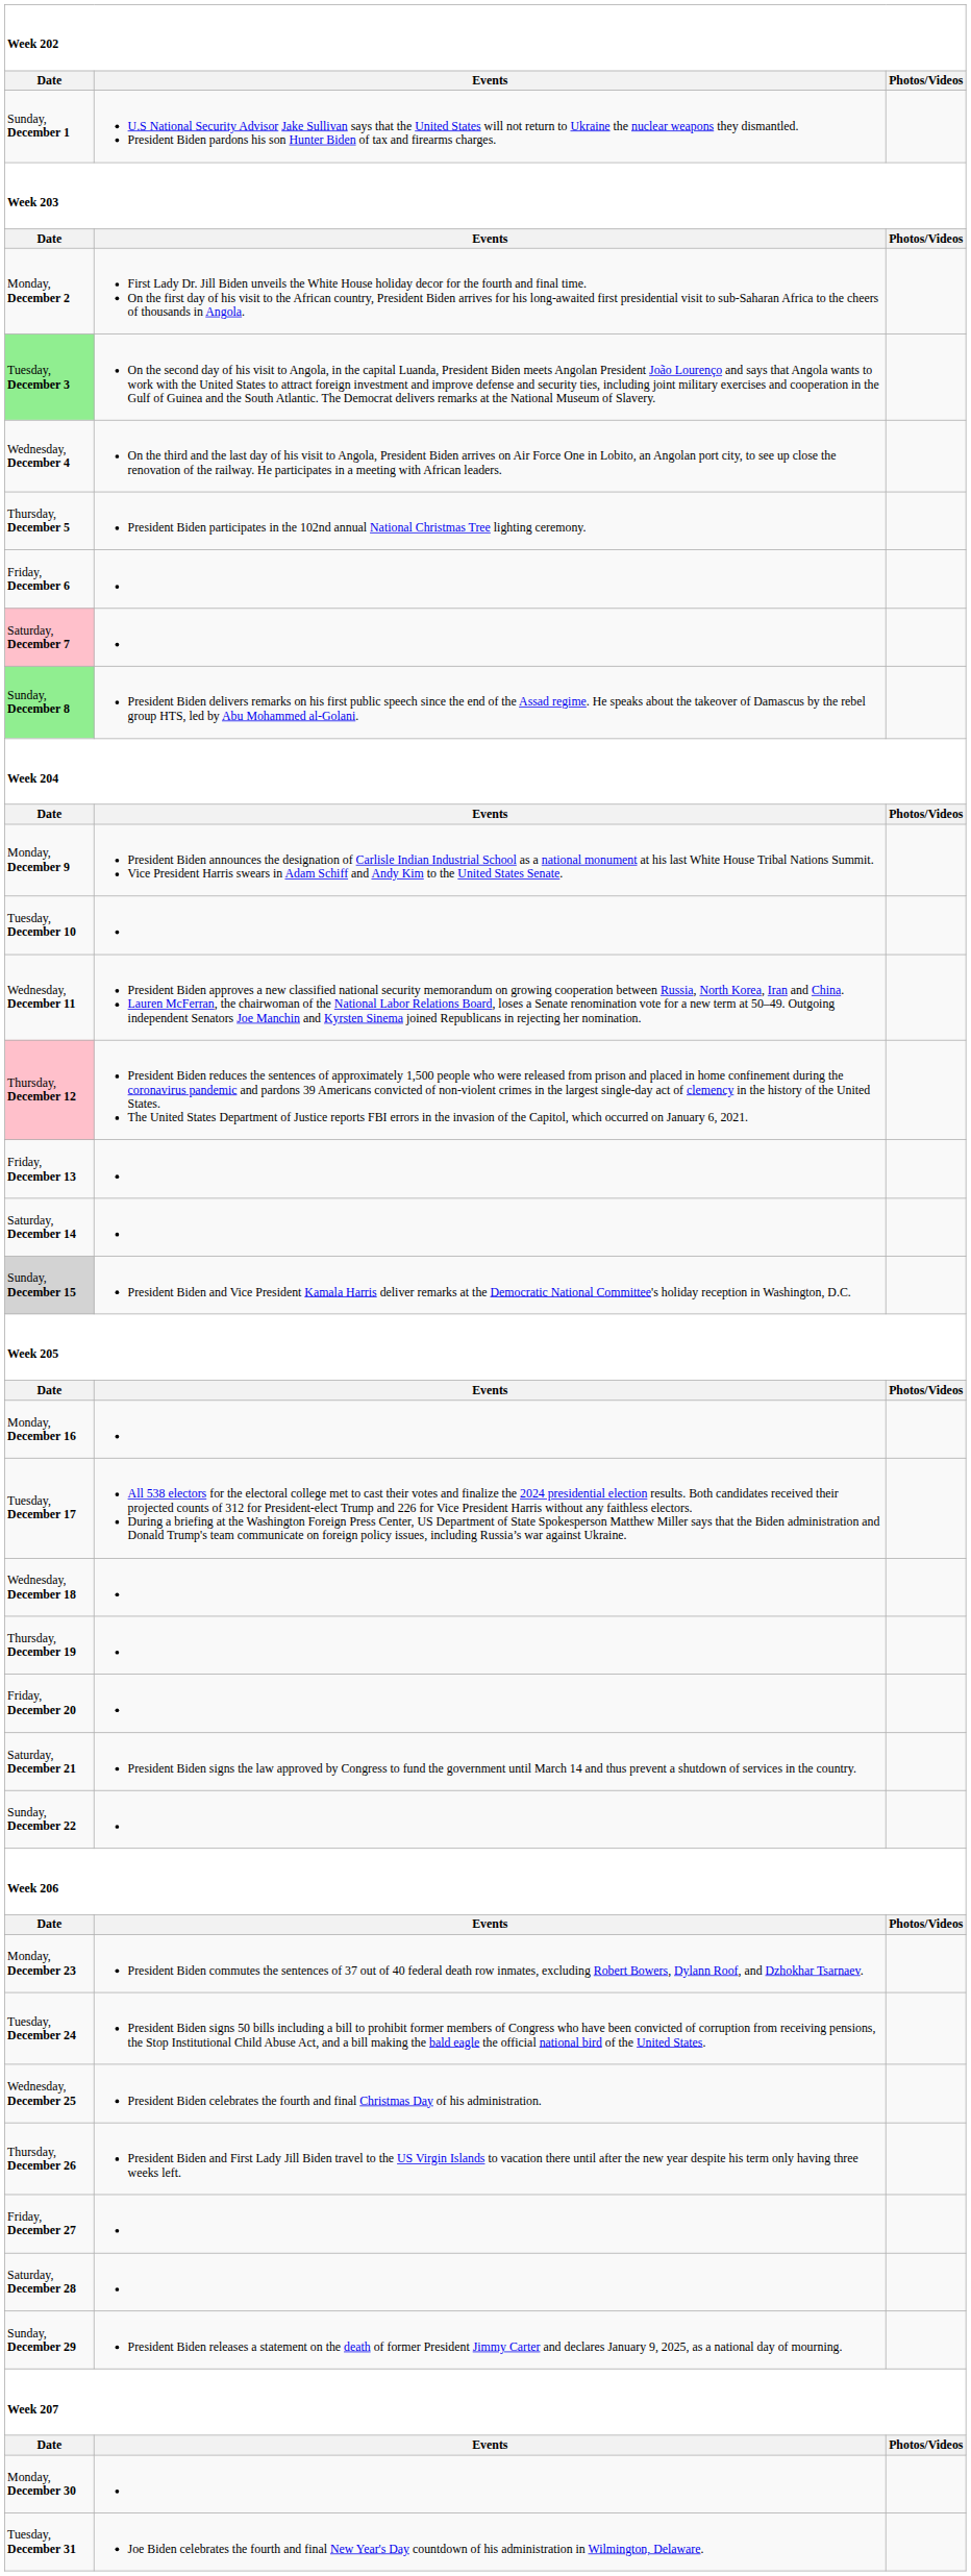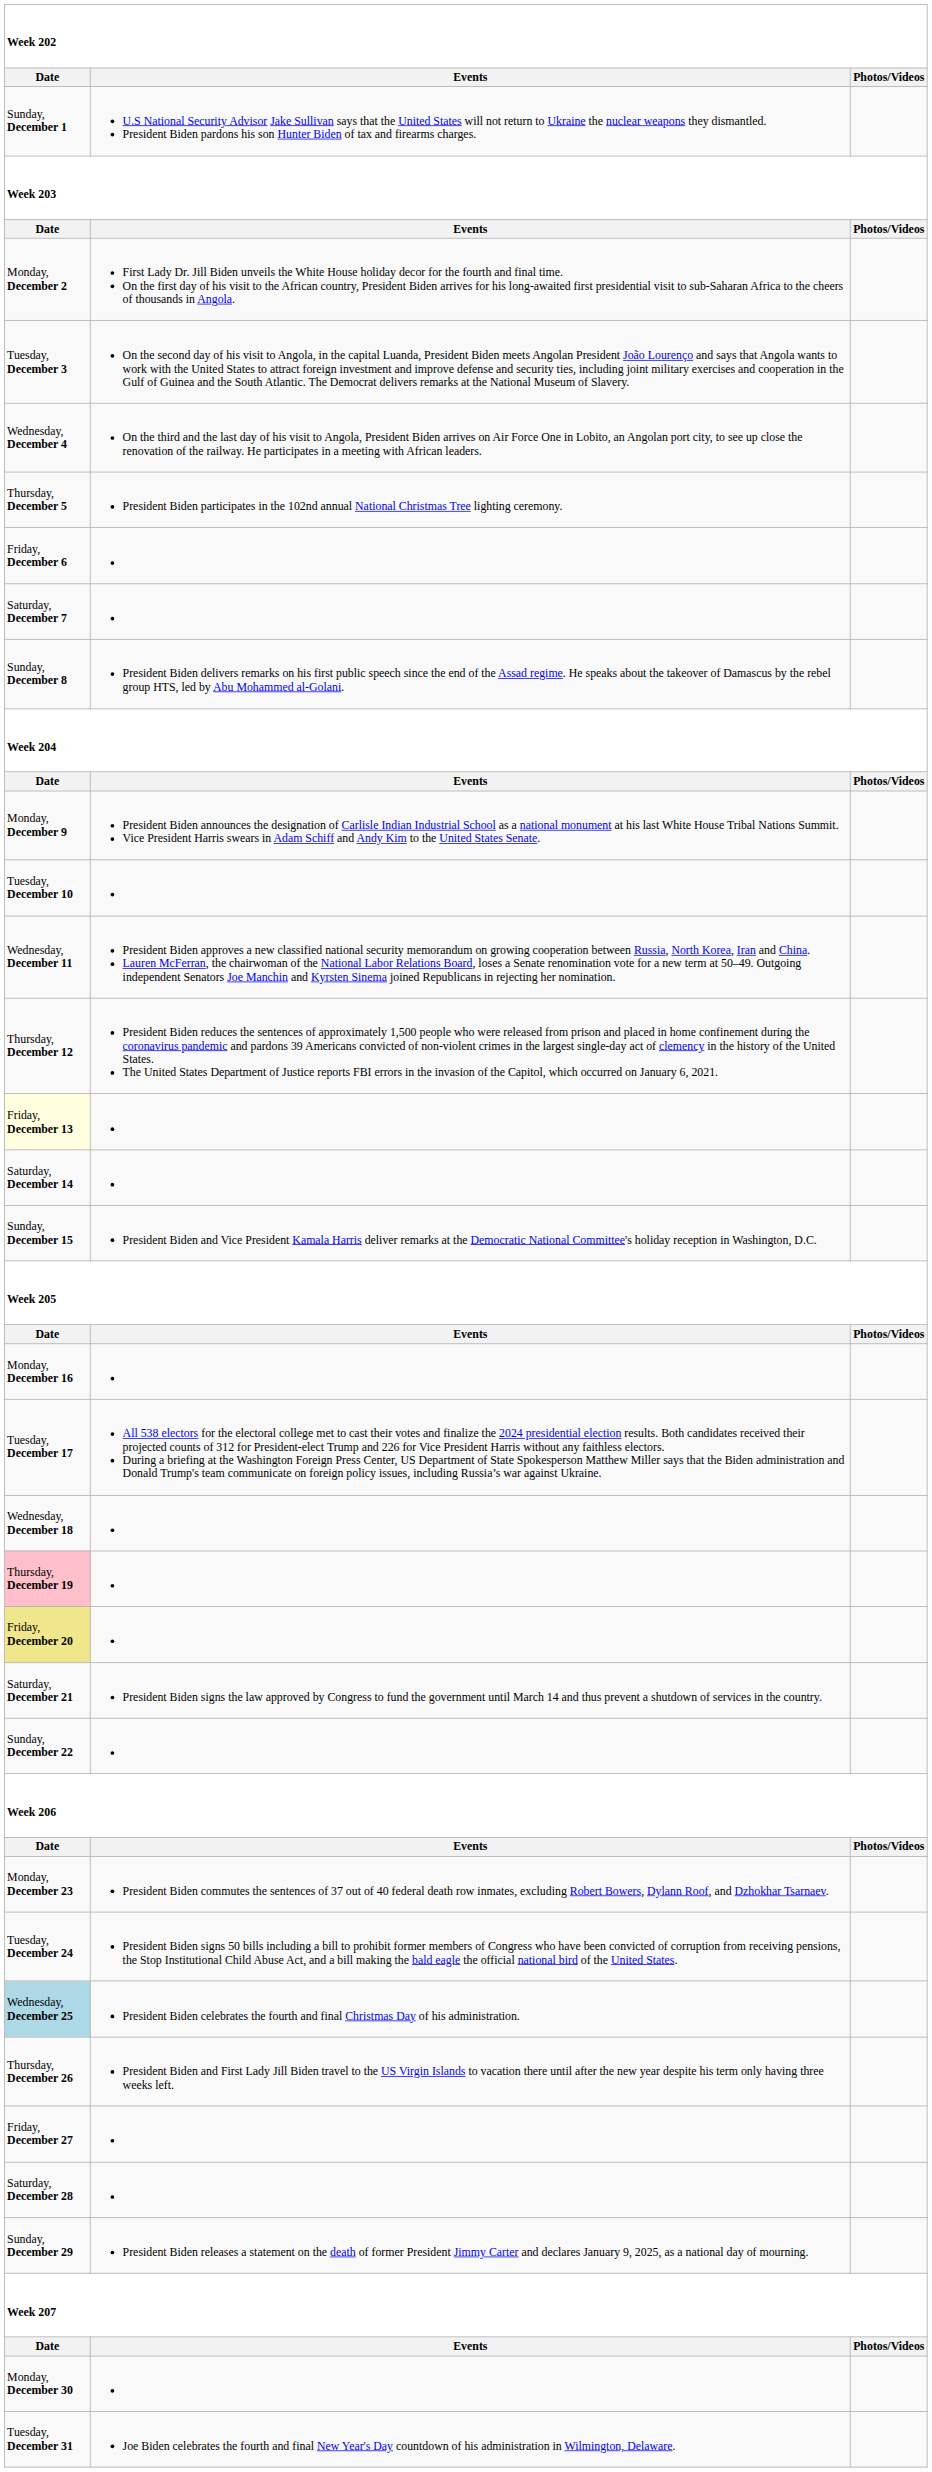 <table class="wikitable">
 <tr style="background:white;">
 <td colspan="3"><br><h4>Week 202</h4></td>
 </tr>
 <tr>
 <th>Date</th>
 <th>Events</th>
 <th>Photos/Videos</th>
 </tr>
 <tr>
 <td>Sunday, <strong>December 1</strong></td>
 <td><br><ul><li><a href='#'>U.S National Security Advisor</a> <a href='#'>Jake Sullivan</a> says that the <a href='#'>United States</a> will not return to <a href='#'>Ukraine</a> the <a href='#'>nuclear weapons</a> they dismantled.</li><li>President Biden pardons his son <a href='#'>Hunter Biden</a> of tax and firearms charges.</li></ul></td>
 <td></td>
 </tr>
 <tr style="background:white;">
 <td colspan="3"><br><h4>Week 203</h4></td>
 </tr>
 <tr>
 <th>Date</th>
 <th>Events</th>
 <th>Photos/Videos</th>
 </tr>
 <tr>
 <td>Monday, <strong>December 2</strong></td>
 <td><br><ul><li>First Lady Dr. Jill Biden unveils the White House holiday decor for the fourth and final time.</li><li>On the first day of his visit to the African country, President Biden arrives for his long-awaited first presidential visit to sub-Saharan Africa to the cheers of thousands in <a href='#'>Angola</a>.</li></ul></td>
 <td></td>
 </tr>
 <tr>
-<td style="background: lightgreen;">Tuesday, <strong>December 3</strong></td>
+<td>Tuesday, <strong>December 3</strong></td>
 <td><br><ul><li>On the second day of his visit to Angola, in the capital Luanda, President Biden meets Angolan President <a href='#'>João Lourenço</a> and says that Angola wants to work with the United States to attract foreign investment and improve defense and security ties, including joint military exercises and cooperation in the Gulf of Guinea and the South Atlantic. The Democrat delivers remarks at the National Museum of Slavery.</li></ul></td>
 <td></td>
 </tr>
 <tr>
 <td>Wednesday, <strong>December 4</strong></td>
 <td><br><ul><li>On the third and the last day of his visit to Angola, President Biden arrives on Air Force One in Lobito, an Angolan port city, to see up close the renovation of the railway. He participates in a meeting with African leaders.</li></ul></td>
 <td></td>
 </tr>
 <tr>
 <td>Thursday, <strong>December 5</strong></td>
 <td><br><ul><li>President Biden participates in the 102nd annual <a href='#'>National Christmas Tree</a> lighting ceremony.</li></ul></td>
 <td></td>
 </tr>
 <tr>
 <td>Friday, <strong>December 6</strong></td>
 <td><br><ul><li></li></ul></td>
 <td></td>
 </tr>
 <tr>
-<td style="background: pink;">Saturday, <strong>December 7</strong></td>
+<td>Saturday, <strong>December 7</strong></td>
 <td><br><ul><li></li></ul></td>
 <td></td>
 </tr>
 <tr>
-<td style="background: lightgreen;">Sunday, <strong>December 8</strong></td>
+<td>Sunday, <strong>December 8</strong></td>
 <td><br><ul><li>President Biden delivers remarks on his first public speech since the end of the <a href='#'>Assad regime</a>. He speaks about the takeover of Damascus by the rebel group HTS, led by <a href='#'>Abu Mohammed al-Golani</a>.</li></ul></td>
 <td></td>
 </tr>
 <tr style="background:white;">
 <td colspan="3"><br><h4>Week 204</h4></td>
 </tr>
 <tr>
 <th>Date</th>
 <th>Events</th>
 <th>Photos/Videos</th>
 </tr>
 <tr>
 <td>Monday, <strong>December 9</strong></td>
 <td><br><ul><li>President Biden announces the designation of <a href='#'>Carlisle Indian Industrial School</a> as a <a href='#'>national monument</a> at his last White House Tribal Nations Summit.</li><li>Vice President Harris swears in <a href='#'>Adam Schiff</a> and <a href='#'>Andy Kim</a> to the <a href='#'>United States Senate</a>.</li></ul></td>
 <td></td>
 </tr>
 <tr>
 <td>Tuesday, <strong>December 10</strong></td>
 <td><br><ul><li></li></ul></td>
 <td></td>
 </tr>
 <tr>
 <td>Wednesday, <strong>December 11</strong></td>
 <td><br><ul><li>President Biden approves a new classified national security memorandum on growing cooperation between <a href='#'>Russia</a>, <a href='#'>North Korea</a>, <a href='#'>Iran</a> and <a href='#'>China</a>.</li><li><a href='#'>Lauren McFerran</a>, the chairwoman of the <a href='#'>National Labor Relations Board</a>, loses a Senate renomination vote for a new term at 50–49. Outgoing independent Senators <a href='#'>Joe Manchin</a> and <a href='#'>Kyrsten Sinema</a> joined Republicans in rejecting her nomination.</li></ul></td>
 <td></td>
 </tr>
 <tr>
-<td style="background: pink;">Thursday, <strong>December 12</strong></td>
+<td>Thursday, <strong>December 12</strong></td>
 <td><br><ul><li>President Biden reduces the sentences of approximately 1,500 people who were released from prison and placed in home confinement during the <a href='#'>coronavirus pandemic</a> and pardons 39 Americans convicted of non-violent crimes in the largest single-day act of <a href='#'>clemency</a> in the history of the United States.</li><li>The United States Department of Justice reports FBI errors in the invasion of the Capitol, which occurred on January 6, 2021.</li></ul></td>
 <td></td>
 </tr>
 <tr>
-<td>Friday, <strong>December 13</strong></td>
+<td style="background: lightyellow;">Friday, <strong>December 13</strong></td>
 <td><br><ul><li></li></ul></td>
 <td></td>
 </tr>
 <tr>
 <td>Saturday, <strong>December 14</strong></td>
 <td><br><ul><li></li></ul></td>
 <td></td>
 </tr>
 <tr>
-<td style="background: lightgrey;">Sunday, <strong>December 15</strong></td>
+<td>Sunday, <strong>December 15</strong></td>
 <td><br><ul><li>President Biden and Vice President <a href='#'>Kamala Harris</a> deliver remarks at the <a href='#'>Democratic National Committee</a>'s holiday reception in Washington, D.C.</li></ul></td>
 <td></td>
 </tr>
 <tr style="background:white;">
 <td colspan="3"><br><h4>Week 205</h4></td>
 </tr>
 <tr>
 <th>Date</th>
 <th>Events</th>
 <th>Photos/Videos</th>
 </tr>
 <tr>
 <td>Monday, <strong>December 16</strong></td>
 <td><br><ul><li></li></ul></td>
 <td></td>
 </tr>
 <tr>
 <td>Tuesday, <strong>December 17</strong></td>
 <td><br><ul><li><a href='#'>All 538 electors</a> for the electoral college met to cast their votes and finalize the <a href='#'>2024 presidential election</a> results. Both candidates received their projected counts of 312 for President-elect Trump and 226 for Vice President Harris without any faithless electors.</li><li>During a briefing at the Washington Foreign Press Center, US Department of State Spokesperson Matthew Miller says that the Biden administration and Donald Trump's team communicate on foreign policy issues, including Russia’s war against Ukraine.</li></ul></td>
 <td></td>
 </tr>
 <tr>
 <td>Wednesday, <strong>December 18</strong></td>
 <td><br><ul><li></li></ul></td>
 <td></td>
 </tr>
 <tr>
-<td>Thursday, <strong>December 19</strong></td>
+<td style="background: pink;">Thursday, <strong>December 19</strong></td>
 <td><br><ul><li></li></ul></td>
 <td></td>
 </tr>
 <tr>
-<td>Friday, <strong>December 20</strong></td>
+<td style="background: khaki;">Friday, <strong>December 20</strong></td>
 <td><br><ul><li></li></ul></td>
 <td></td>
 </tr>
 <tr>
 <td>Saturday, <strong>December 21</strong></td>
 <td><br><ul><li>President Biden signs the law approved by Congress to fund the government until March 14 and thus prevent a shutdown of services in the country.</li></ul></td>
 <td></td>
 </tr>
 <tr>
 <td>Sunday, <strong>December 22</strong></td>
 <td><br><ul><li></li></ul></td>
 <td></td>
 </tr>
 <tr style="background:white;">
 <td colspan="3"><br><h4>Week 206</h4></td>
 </tr>
 <tr>
 <th>Date</th>
 <th>Events</th>
 <th>Photos/Videos</th>
 </tr>
 <tr>
 <td>Monday, <strong>December 23</strong></td>
 <td><br><ul><li>President Biden commutes the sentences of 37 out of 40 federal death row inmates, excluding <a href='#'>Robert Bowers</a>, <a href='#'>Dylann Roof</a>, and <a href='#'>Dzhokhar Tsarnaev</a>.</li></ul></td>
 <td></td>
 </tr>
 <tr>
 <td>Tuesday, <strong>December 24</strong></td>
 <td><br><ul><li>President Biden signs 50 bills including a bill to prohibit former members of Congress who have been convicted of corruption from receiving pensions, the Stop Institutional Child Abuse Act, and a bill making the <a href='#'>bald eagle</a> the official <a href='#'>national bird</a> of the <a href='#'>United States</a>.</li></ul></td>
 <td></td>
 </tr>
 <tr>
-<td>Wednesday, <strong>December 25</strong></td>
+<td style="background: lightblue;">Wednesday, <strong>December 25</strong></td>
 <td><br><ul><li>President Biden celebrates the fourth and final <a href='#'>Christmas Day</a> of his administration.</li></ul></td>
 <td></td>
 </tr>
 <tr>
 <td>Thursday, <strong>December 26</strong></td>
 <td><br><ul><li>President Biden and First Lady Jill Biden travel to the <a href='#'>US Virgin Islands</a> to vacation there until after the new year despite his term only having three weeks left.</li></ul></td>
 <td></td>
 </tr>
 <tr>
 <td>Friday, <strong>December 27</strong></td>
 <td><br><ul><li></li></ul></td>
 <td></td>
 </tr>
 <tr>
 <td>Saturday, <strong>December 28</strong></td>
 <td><br><ul><li></li></ul></td>
 <td></td>
 </tr>
 <tr>
 <td>Sunday, <strong>December 29</strong></td>
 <td><br><ul><li>President Biden releases a statement on the <a href='#'>death</a> of former President <a href='#'>Jimmy Carter</a> and declares January 9, 2025, as a national day of mourning.</li></ul></td>
 <td></td>
 </tr>
 <tr style="background:white;">
 <td colspan="3"><br><h4>Week 207</h4></td>
 </tr>
 <tr>
 <th>Date</th>
 <th>Events</th>
 <th>Photos/Videos</th>
 </tr>
 <tr>
 <td>Monday, <strong>December 30</strong></td>
 <td><br><ul><li></li></ul></td>
 <td></td>
 </tr>
 <tr>
 <td>Tuesday, <strong>December 31</strong></td>
 <td><br><ul><li>Joe Biden celebrates the fourth and final <a href='#'>New Year's Day</a> countdown of his administration in <a href='#'>Wilmington, Delaware</a>.</li></ul></td>
 <td></td>
 </tr>
 </table>
